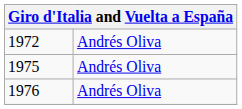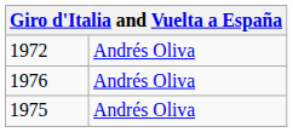 <table class="wikitable">
 <tr>
 <th colspan=2><a href='#'>Giro d'Italia</a> and <a href='#'>Vuelta a España</a></th>
 </tr>
 <tr>
 <td>1972</td>
 <td> <a href='#'>Andrés Oliva</a></td>
 </tr>
 <tr>
-<td>1975</td>
+<td>1976</td>
 <td> <a href='#'>Andrés Oliva</a></td>
 </tr>
 <tr>
-<td>1976</td>
+<td>1975</td>
 <td> <a href='#'>Andrés Oliva</a></td>
 </tr>
 <tr>
 </tr>
 </table>
